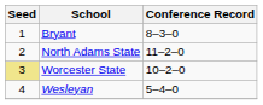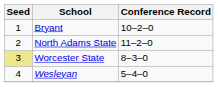 <table class="wikitable">
 <tr>
 <th>Seed</th>
 <th>School</th>
 <th>Conference Record</th>
 </tr>
 <tr>
 <td align=center>1</td>
 <td><a href='#'>Bryant</a></td>
-<td>8–3–0</td>
+<td>10–2–0</td>
 </tr>
 <tr>
 <td align=center>2</td>
 <td><a href='#'>North Adams State</a></td>
 <td>11–2–0</td>
 </tr>
 <tr>
 <td align=center style="background: khaki;">3</td>
 <td><a href='#'>Worcester State</a></td>
-<td>10–2–0</td>
+<td>8–3–0</td>
 </tr>
 <tr>
 <td align=center>4</td>
 <td><em><a href='#'>Wesleyan</a></em></td>
 <td>5–4–0</td>
 </tr>
 <tr>
 </tr>
 </table>
